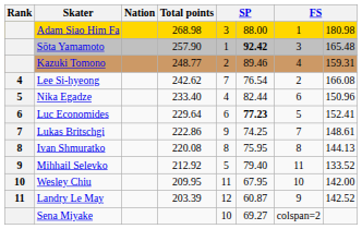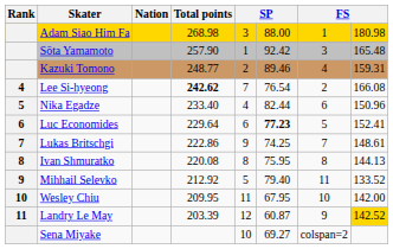 <table class="wikitable sortable" style="text-align:left">
 <tr>
 <th scope="col">Rank</th>
 <th scope="col">Skater</th>
 <th scope="col">Nation</th>
 <th scope="col">Total points</th>
 <th scope="col" colspan="2" width="80px"><a href='#'>SP</a></th>
 <th scope="col" colspan="2" width="80px"><a href='#'>FS</a></th>
 </tr>
 <tr bgcolor="gold">
 <th scope="row"></th>
 <td><a href='#'>Adam Siao Him Fa</a></td>
 <td></td>
 <td align="center">268.98</td>
 <td align="center">3</td>
 <td align="center">88.00</td>
 <td align="center">1</td>
 <td align="center">180.98</td>
 </tr>
 <tr bgcolor="silver">
 <th scope="row"></th>
 <td><a href='#'>Sōta Yamamoto</a></td>
 <td></td>
 <td align="center">257.90</td>
 <td align="center">1</td>
-<td align="center"><strong>92.42</strong></td>
+<td align="center">92.42</td>
 <td align="center">3</td>
 <td align="center">165.48</td>
 </tr>
 <tr bgcolor="cc9966">
 <th scope="row"></th>
 <td><a href='#'>Kazuki Tomono</a></td>
 <td></td>
 <td align="center">248.77</td>
 <td align="center">2</td>
 <td align="center">89.46</td>
 <td align="center">4</td>
 <td align="center">159.31</td>
 </tr>
 <tr>
 <th scope="row">4</th>
 <td><a href='#'>Lee Si-hyeong</a></td>
 <td></td>
-<td align="center">242.62</td>
+<td align="center"><strong>242.62</strong></td>
 <td align="center">7</td>
 <td align="center">76.54</td>
 <td align="center">2</td>
 <td align="center">166.08</td>
 </tr>
 <tr>
 <th scope="row">5</th>
 <td><a href='#'>Nika Egadze</a></td>
 <td></td>
 <td align="center">233.40</td>
 <td align="center">4</td>
 <td align="center">82.44</td>
 <td align="center">6</td>
 <td align="center">150.96</td>
 </tr>
 <tr>
 <th scope="row">6</th>
 <td><a href='#'>Luc Economides</a></td>
 <td></td>
 <td align="center">229.64</td>
 <td align="center">6</td>
 <td align="center"><strong>77.23</strong></td>
 <td align="center">5</td>
 <td align="center">152.41</td>
 </tr>
 <tr>
 <th scope="row">7</th>
 <td><a href='#'>Lukas Britschgi</a></td>
 <td></td>
 <td align="center">222.86</td>
 <td align="center">9</td>
 <td align="center">74.25</td>
 <td align="center">7</td>
 <td align="center">148.61</td>
 </tr>
 <tr>
 <th scope="row">8</th>
 <td><a href='#'>Ivan Shmuratko</a></td>
 <td></td>
 <td align="center">220.08</td>
 <td align="center">8</td>
 <td align="center">75.95</td>
 <td align="center">8</td>
 <td align="center">144.13</td>
 </tr>
 <tr>
 <th scope="row">9</th>
 <td><a href='#'>Mihhail Selevko</a></td>
 <td></td>
 <td align="center">212.92</td>
 <td align="center">5</td>
 <td align="center">79.40</td>
 <td align="center">11</td>
 <td align="center">133.52</td>
 </tr>
 <tr>
 <th scope="row">10</th>
 <td><a href='#'>Wesley Chiu</a></td>
 <td></td>
 <td align="center">209.95</td>
 <td align="center">11</td>
 <td align="center">67.95</td>
 <td align="center">10</td>
 <td align="center">142.00</td>
 </tr>
 <tr>
 <th scope="row">11</th>
 <td><a href='#'>Landry Le May</a></td>
 <td></td>
 <td align="center">203.39</td>
 <td align="center">12</td>
 <td align="center">60.87</td>
 <td align="center">9</td>
-<td align="center">142.52</td>
+<td align="center" style="background: gold;">142.52</td>
 </tr>
 <tr>
 <th scope="row"></th>
 <td><a href='#'>Sena Miyake</a></td>
 <td></td>
 <td></td>
 <td align="center">10</td>
 <td align="center">69.27</td>
 <td>colspan=2 </td>
 </tr>
 </table>
